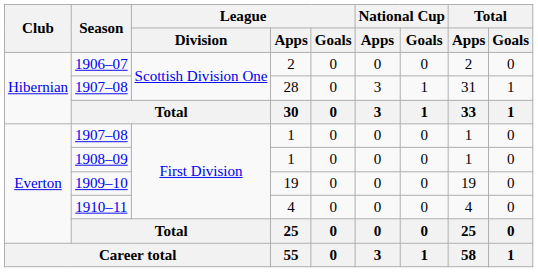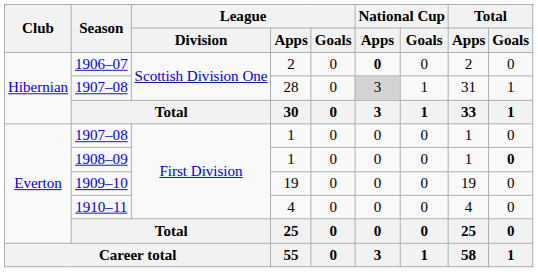 <table class="wikitable" style="text-align: center;">
 <tr>
 <th rowspan="2">Club</th>
 <th rowspan="2">Season</th>
 <th colspan="3">League</th>
 <th colspan="2">National Cup</th>
 <th colspan="2">Total</th>
 </tr>
 <tr>
 <th>Division</th>
 <th>Apps</th>
 <th>Goals</th>
 <th>Apps</th>
 <th>Goals</th>
 <th>Apps</th>
 <th>Goals</th>
 </tr>
 <tr>
 <td rowspan="3"><a href='#'>Hibernian</a></td>
 <td><a href='#'>1906–07</a></td>
 <td rowspan="2"><a href='#'>Scottish Division One</a></td>
 <td>2</td>
 <td>0</td>
-<td>0</td>
+<td><strong>0</strong></td>
 <td>0</td>
 <td>2</td>
 <td>0</td>
 </tr>
 <tr>
 <td><a href='#'>1907–08</a></td>
 <td>28</td>
 <td>0</td>
-<td>3</td>
+<td style="background: lightgrey;">3</td>
 <td>1</td>
 <td>31</td>
 <td>1</td>
 </tr>
 <tr>
 <th colspan="2">Total</th>
 <th>30</th>
 <th>0</th>
 <th>3</th>
 <th>1</th>
 <th>33</th>
 <th>1</th>
 </tr>
 <tr>
 <td rowspan="5"><a href='#'>Everton</a></td>
 <td><a href='#'>1907–08</a></td>
 <td rowspan="4"><a href='#'>First Division</a></td>
 <td>1</td>
 <td>0</td>
 <td>0</td>
 <td>0</td>
 <td>1</td>
 <td>0</td>
 </tr>
 <tr>
 <td><a href='#'>1908–09</a></td>
 <td>1</td>
 <td>0</td>
 <td>0</td>
 <td>0</td>
 <td>1</td>
-<td>0</td>
+<td><strong>0</strong></td>
 </tr>
 <tr>
 <td><a href='#'>1909–10</a></td>
 <td>19</td>
 <td>0</td>
 <td>0</td>
 <td>0</td>
 <td>19</td>
 <td>0</td>
 </tr>
 <tr>
 <td><a href='#'>1910–11</a></td>
 <td>4</td>
 <td>0</td>
 <td>0</td>
 <td>0</td>
 <td>4</td>
 <td>0</td>
 </tr>
 <tr>
 <th colspan="2">Total</th>
 <th>25</th>
 <th>0</th>
 <th>0</th>
 <th>0</th>
 <th>25</th>
 <th>0</th>
 </tr>
 <tr>
 <th colspan="3">Career total</th>
 <th>55</th>
 <th>0</th>
 <th>3</th>
 <th>1</th>
 <th>58</th>
 <th>1</th>
 </tr>
 </table>
